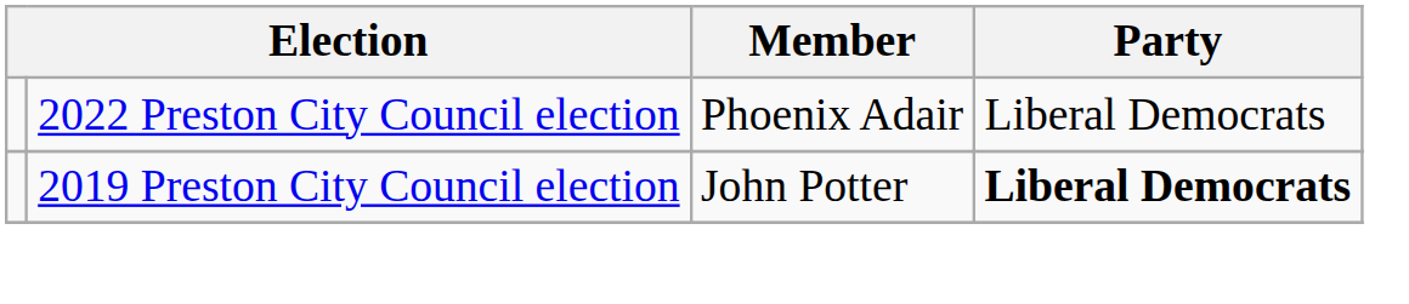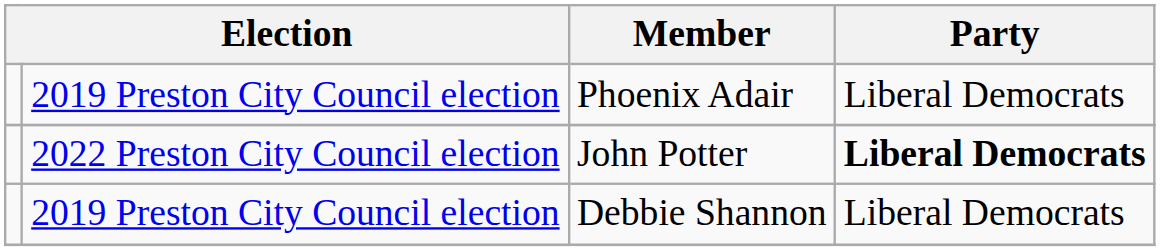 <table class="wikitable">
 <tr>
 <th colspan="2">Election</th>
 <th>Member</th>
 <th>Party</th>
 </tr>
 <tr>
 <td style="background-color: "></td>
-<td><a href='#'>2022 Preston City Council election</a></td>
+<td><a href='#'>2019 Preston City Council election</a></td>
 <td>Phoenix Adair</td>
 <td>Liberal Democrats</td>
 </tr>
 <tr>
 </tr>
 <tr>
 <td style="background-color: "></td>
-<td><a href='#'>2019 Preston City Council election</a></td>
+<td><a href='#'>2022 Preston City Council election</a></td>
 <td>John Potter</td>
 <td><strong>Liberal Democrats</strong></td>
 </tr>
 <tr>
+<td style="background-color: "></td>
+<td><a href='#'>2019 Preston City Council election</a></td>
+<td>Debbie Shannon</td>
+<td>Liberal Democrats</td>
+</tr>
+<tr>
 </tr>
 </table>
